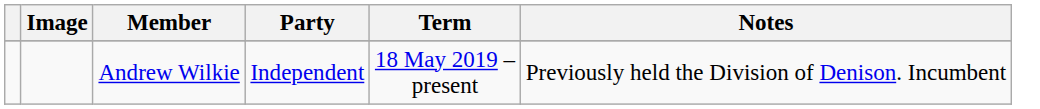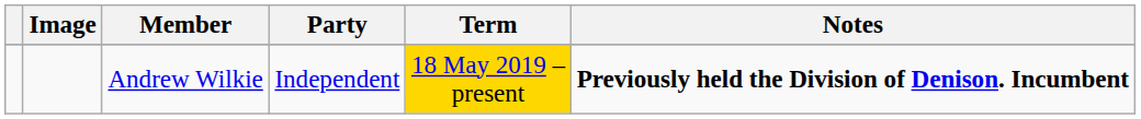 <table class=wikitable style="text-align:center">
 <tr>
 <th></th>
 <th>Image</th>
 <th>Member</th>
 <th>Party</th>
 <th>Term</th>
 <th>Notes</th>
 </tr>
 <tr>
 </tr>
 <tr>
 <td> </td>
 <td></td>
 <td><a href='#'>Andrew Wilkie</a><br></td>
 <td><a href='#'>Independent</a></td>
-<td nowrap><a href='#'>18 May 2019</a> –<br>present</td>
-<td>Previously held the Division of <a href='#'>Denison</a>. Incumbent</td>
+<td nowrap style="background: gold;"><a href='#'>18 May 2019</a> –<br>present</td>
+<td><strong>Previously held the Division of <a href='#'>Denison</a>. Incumbent</strong></td>
 </tr>
 </table>
